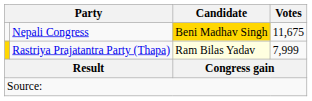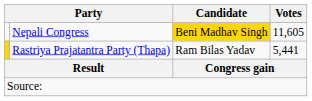 <table class="wikitable">
 <tr>
 <th colspan="2">Party</th>
 <th>Candidate</th>
 <th>Votes</th>
 </tr>
 <tr>
 <td style="background-color:"></td>
 <td><a href='#'>Nepali Congress</a></td>
 <td style="background: gold;">Beni Madhav Singh</td>
-<td>11,675</td>
+<td>11,605</td>
 </tr>
 <tr>
 <td style="background-color:gold"></td>
 <td><a href='#'>Rastriya Prajatantra Party (Thapa)</a></td>
-<td style="background: lightyellow;">Ram Bilas Yadav</td>
-<td>7,999</td>
+<td>Ram Bilas Yadav</td>
+<td>5,441</td>
 </tr>
 <tr>
 <th colspan="2">Result</th>
 <th colspan="2">Congress gain</th>
 </tr>
 <tr>
 <td colspan="4">Source: </td>
 </tr>
 </table>
